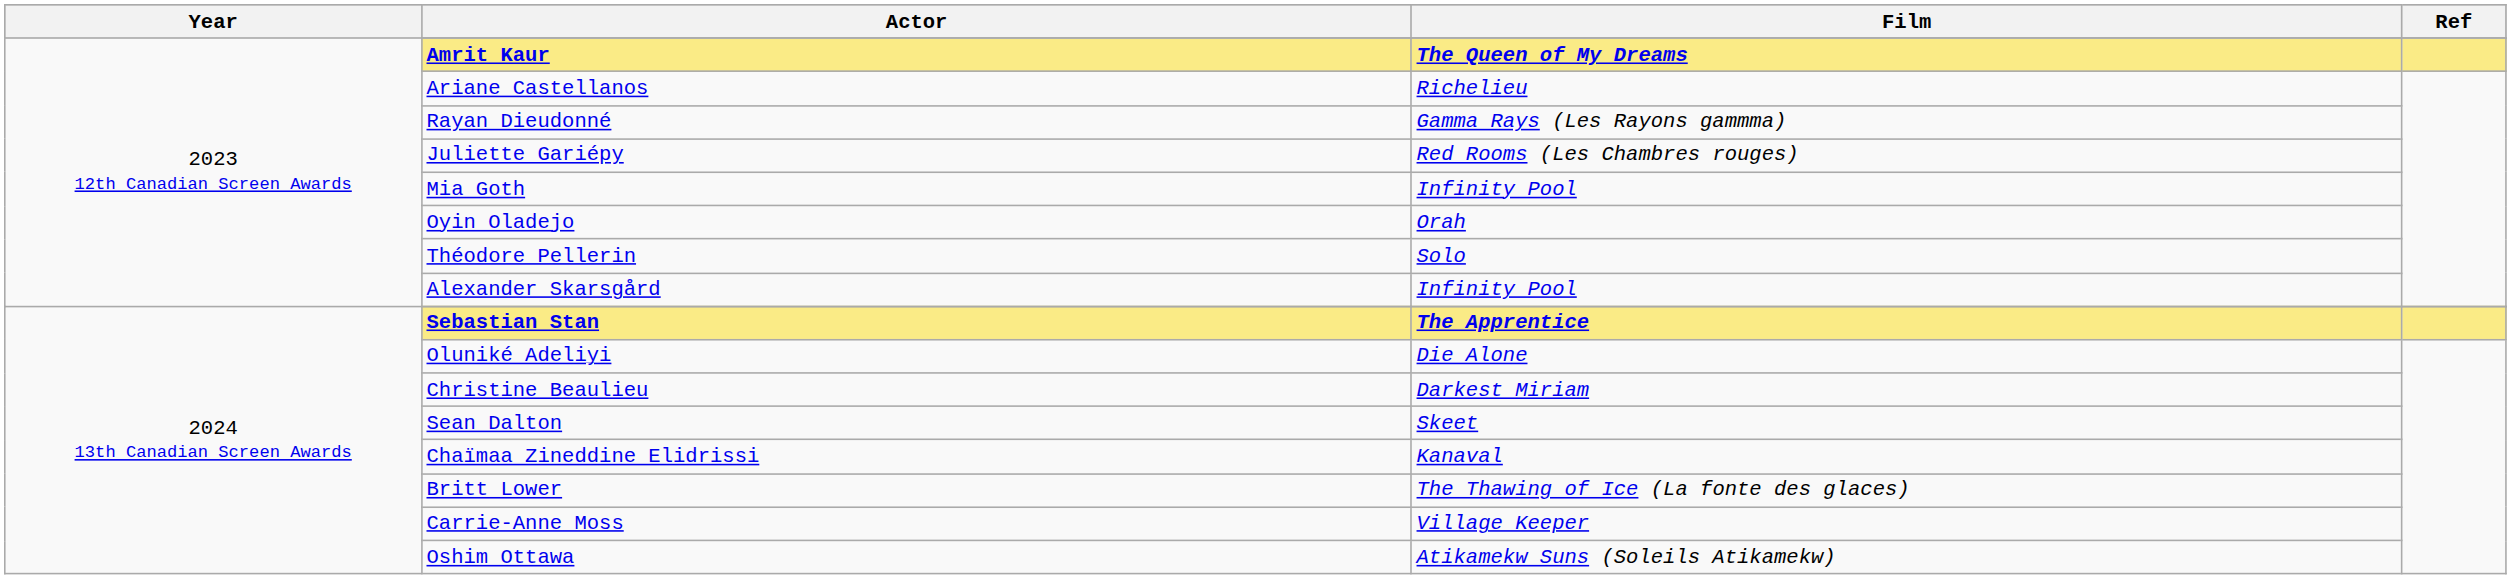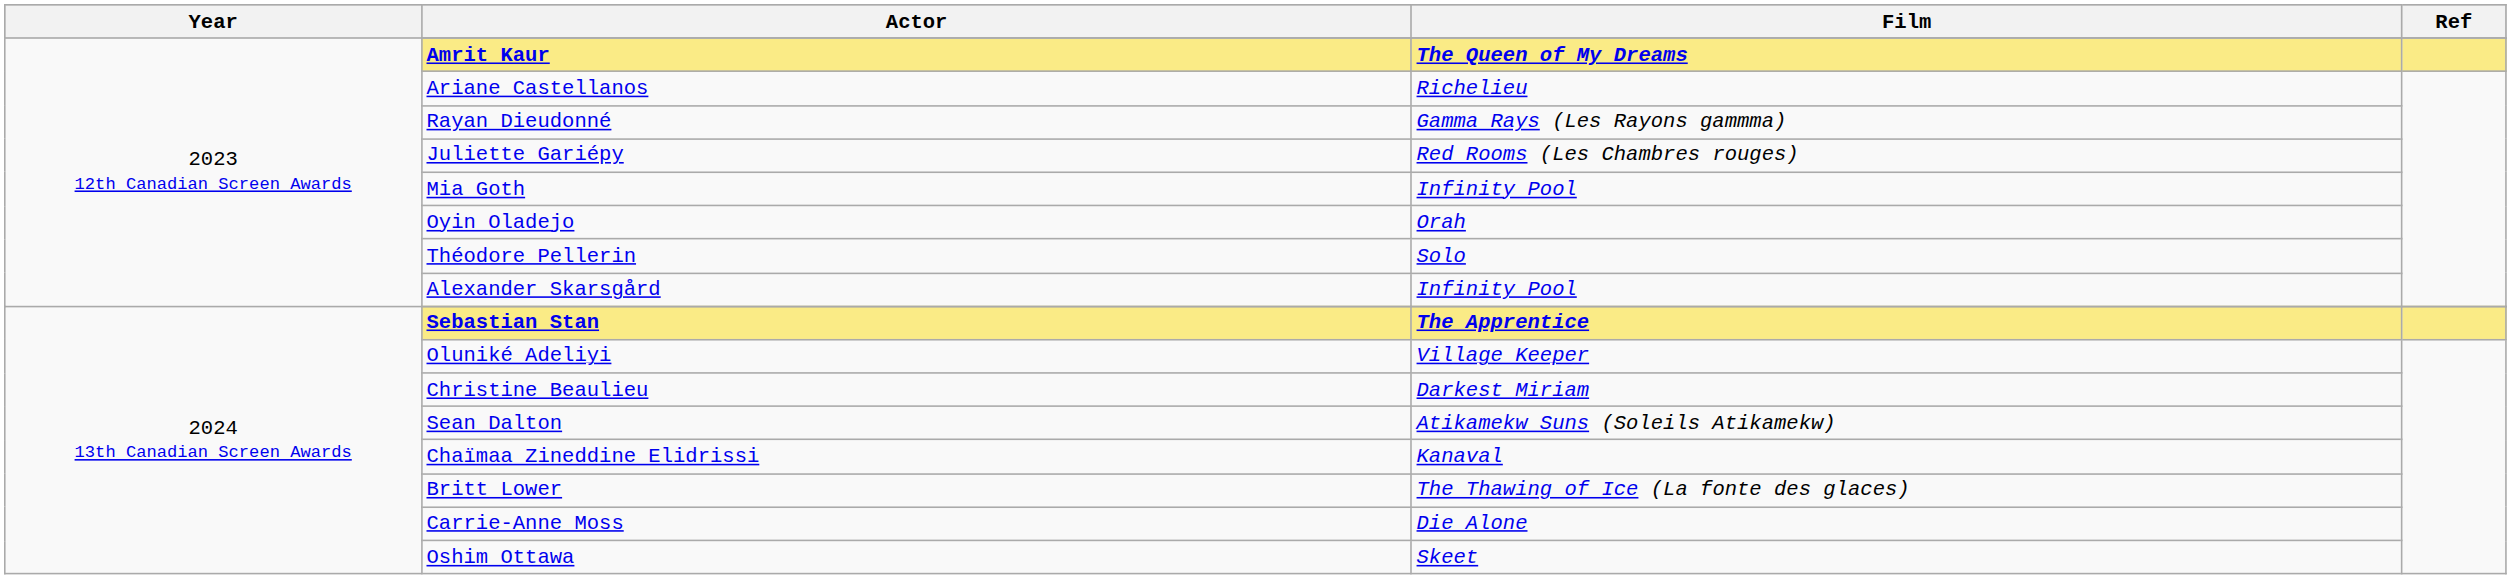 <table class="wikitable" style="width:100%;">
 <tr style="background:#bebebe;">
 <th style="width:8%;">Year</th>
 <th style="width:19%;">Actor</th>
 <th style="width:19%;">Film</th>
 <th style="width:2%;">Ref</th>
 </tr>
 <tr>
 <td rowspan="9" align="center">2023 <br> <small><a href='#'>12th Canadian Screen Awards</a></small></td>
 </tr>
 <tr style="background:#FAEB86;">
 <td><strong><a href='#'>Amrit Kaur</a></strong></td>
 <td><strong><em><a href='#'>The Queen of My Dreams</a></em></strong></td>
 <td></td>
 </tr>
 <tr>
 <td><a href='#'>Ariane Castellanos</a></td>
 <td><em><a href='#'>Richelieu</a></em></td>
 <td rowspan=7></td>
 </tr>
 <tr>
 <td><a href='#'>Rayan Dieudonné</a></td>
 <td><em><a href='#'>Gamma Rays</a> (Les Rayons gammma)</em></td>
 </tr>
 <tr>
 <td><a href='#'>Juliette Gariépy</a></td>
 <td><em><a href='#'>Red Rooms</a> (Les Chambres rouges)</em></td>
 </tr>
 <tr>
 <td><a href='#'>Mia Goth</a></td>
 <td><em><a href='#'>Infinity Pool</a></em></td>
 </tr>
 <tr>
 <td><a href='#'>Oyin Oladejo</a></td>
 <td><em><a href='#'>Orah</a></em></td>
 </tr>
 <tr>
 <td><a href='#'>Théodore Pellerin</a></td>
 <td><em><a href='#'>Solo</a></em></td>
 </tr>
 <tr>
 <td><a href='#'>Alexander Skarsgård</a></td>
 <td><em><a href='#'>Infinity Pool</a></em></td>
 </tr>
 <tr>
 <td rowspan="9" align="center">2024 <br> <small><a href='#'>13th Canadian Screen Awards</a></small></td>
 </tr>
 <tr style="background:#FAEB86;">
 <td><strong><a href='#'>Sebastian Stan</a></strong></td>
 <td><strong><em><a href='#'>The Apprentice</a></em></strong></td>
 <td></td>
 </tr>
 <tr>
 <td><a href='#'>Oluniké Adeliyi</a></td>
-<td><em><a href='#'>Die Alone</a></em></td>
+<td><em><a href='#'>Village Keeper</a></em></td>
 <td rowspan=7></td>
 </tr>
 <tr>
 <td><a href='#'>Christine Beaulieu</a></td>
 <td><em><a href='#'>Darkest Miriam</a></em></td>
 </tr>
 <tr>
 <td><a href='#'>Sean Dalton</a></td>
-<td><em><a href='#'>Skeet</a></em></td>
+<td><em><a href='#'>Atikamekw Suns</a> (Soleils Atikamekw)</em></td>
 </tr>
 <tr>
 <td><a href='#'>Chaïmaa Zineddine Elidrissi</a></td>
 <td><em><a href='#'>Kanaval</a></em></td>
 </tr>
 <tr>
 <td><a href='#'>Britt Lower</a></td>
 <td><em><a href='#'>The Thawing of Ice</a> (La fonte des glaces)</em></td>
 </tr>
 <tr>
 <td><a href='#'>Carrie-Anne Moss</a></td>
-<td><em><a href='#'>Village Keeper</a></em></td>
+<td><em><a href='#'>Die Alone</a></em></td>
 </tr>
 <tr>
 <td><a href='#'>Oshim Ottawa</a></td>
-<td><em><a href='#'>Atikamekw Suns</a> (Soleils Atikamekw)</em></td>
+<td><em><a href='#'>Skeet</a></em></td>
 </tr>
 </table>
